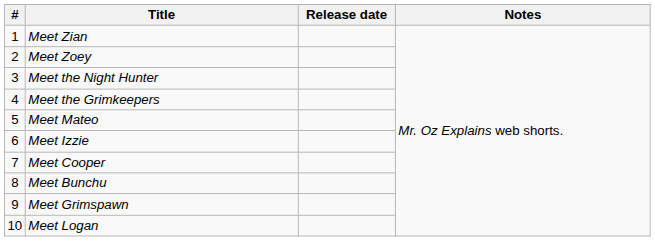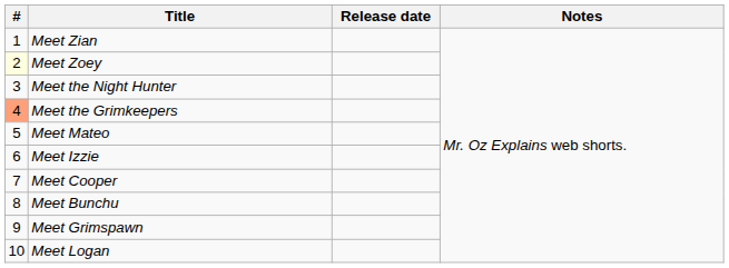 <table class="wikitable sortable">
 <tr>
 <th width=10>#</th>
 <th width=321>Title</th>
 <th width=110>Release date</th>
 <th width=300>Notes</th>
 </tr>
 <tr>
 <td align="center">1</td>
 <td><em>Meet Zian</em></td>
 <td align="right"></td>
 <td rowspan="10"><em>Mr. Oz Explains</em> web shorts.</td>
 </tr>
 <tr>
-<td align="center">2</td>
+<td align="center" style="background: lightyellow;">2</td>
 <td><em>Meet Zoey</em></td>
 <td align="right"></td>
 </tr>
 <tr>
 <td align="center">3</td>
 <td><em>Meet the Night Hunter</em></td>
 <td align="right"></td>
 </tr>
 <tr>
-<td align="center">4</td>
+<td align="center" style="background: lightsalmon;">4</td>
 <td><em>Meet the Grimkeepers</em></td>
 <td align="right"></td>
 </tr>
 <tr>
 <td align="center">5</td>
 <td><em>Meet Mateo</em></td>
 <td align="right"></td>
 </tr>
 <tr>
 <td align="center">6</td>
 <td><em>Meet Izzie</em></td>
 <td align="right"></td>
 </tr>
 <tr>
 <td align="center">7</td>
 <td><em>Meet Cooper</em></td>
 <td align="right"></td>
 </tr>
 <tr>
 <td align="center">8</td>
 <td><em>Meet Bunchu</em></td>
 <td align="right"></td>
 </tr>
 <tr>
 <td align="center">9</td>
 <td><em>Meet Grimspawn</em></td>
 <td align="right"></td>
 </tr>
 <tr>
 <td align="center">10</td>
 <td><em>Meet Logan</em></td>
 <td align="right"></td>
 </tr>
 </table>
